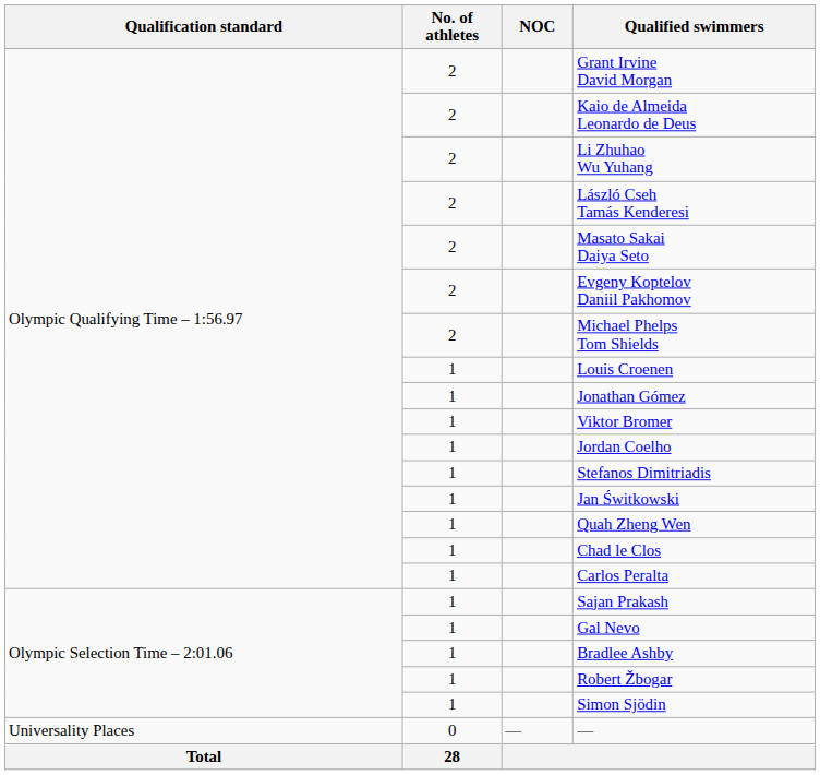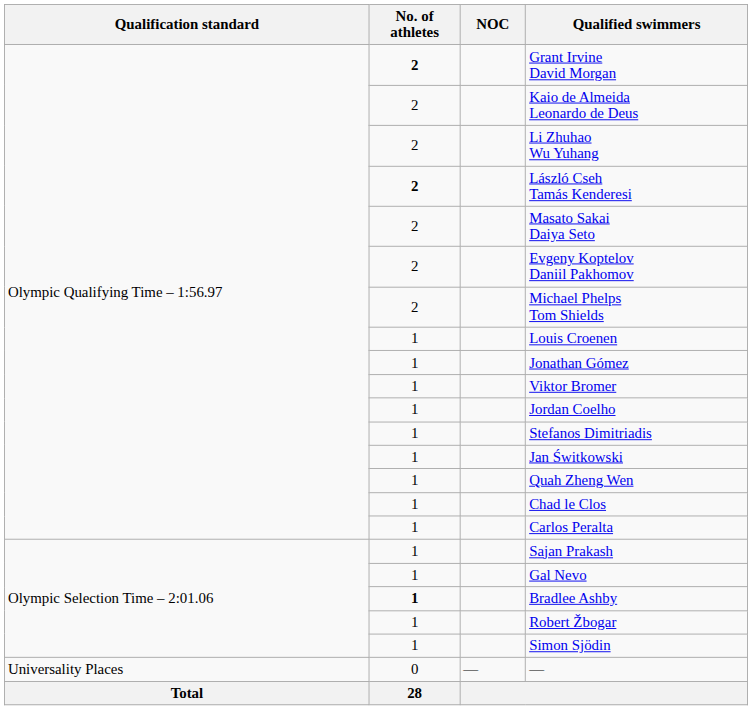 <table class=wikitable style="text-align:left" width=800>
 <tr>
 <th>Qualification standard</th>
 <th width=90>No. of athletes</th>
 <th>NOC</th>
 <th>Qualified swimmers</th>
 </tr>
 <tr>
 <td rowspan=16>Olympic Qualifying Time – 1:56.97</td>
-<td align=center>2</td>
+<td align=center><strong>2</strong></td>
 <td></td>
 <td><a href='#'>Grant Irvine</a><br><a href='#'>David Morgan</a></td>
 </tr>
 <tr>
 <td align=center>2</td>
 <td></td>
 <td><a href='#'>Kaio de Almeida</a><br><a href='#'>Leonardo de Deus</a></td>
 </tr>
 <tr>
 <td align=center>2</td>
 <td></td>
 <td><a href='#'>Li Zhuhao</a><br><a href='#'>Wu Yuhang</a></td>
 </tr>
 <tr>
-<td align=center>2</td>
+<td align=center><strong>2</strong></td>
 <td></td>
 <td><a href='#'>László Cseh</a><br><a href='#'>Tamás Kenderesi</a></td>
 </tr>
 <tr>
 <td align=center>2</td>
 <td></td>
 <td><a href='#'>Masato Sakai</a><br><a href='#'>Daiya Seto</a></td>
 </tr>
 <tr>
 <td align=center>2</td>
 <td></td>
 <td><a href='#'>Evgeny Koptelov</a><br><a href='#'>Daniil Pakhomov</a></td>
 </tr>
 <tr>
 <td align=center>2</td>
 <td></td>
 <td><a href='#'>Michael Phelps</a><br><a href='#'>Tom Shields</a></td>
 </tr>
 <tr>
 <td align=center>1</td>
 <td></td>
 <td><a href='#'>Louis Croenen</a></td>
 </tr>
 <tr>
 <td align=center>1</td>
 <td></td>
 <td><a href='#'>Jonathan Gómez</a></td>
 </tr>
 <tr>
 <td align=center>1</td>
 <td></td>
 <td><a href='#'>Viktor Bromer</a></td>
 </tr>
 <tr>
 <td align=center>1</td>
 <td></td>
 <td><a href='#'>Jordan Coelho</a></td>
 </tr>
 <tr>
 <td align=center>1</td>
 <td></td>
 <td><a href='#'>Stefanos Dimitriadis</a></td>
 </tr>
 <tr>
 <td align=center>1</td>
 <td></td>
 <td><a href='#'>Jan Świtkowski</a></td>
 </tr>
 <tr>
 <td align="center">1</td>
 <td></td>
 <td><a href='#'>Quah Zheng Wen</a><br></td>
 </tr>
 <tr>
 <td align=center>1</td>
 <td></td>
 <td><a href='#'>Chad le Clos</a></td>
 </tr>
 <tr>
 <td align=center>1</td>
 <td></td>
 <td><a href='#'>Carlos Peralta</a></td>
 </tr>
 <tr>
 <td rowspan=5>Olympic Selection Time – 2:01.06</td>
 <td align=center>1</td>
 <td></td>
 <td><a href='#'>Sajan Prakash</a></td>
 </tr>
 <tr>
 <td align=center>1</td>
 <td></td>
 <td><a href='#'>Gal Nevo</a></td>
 </tr>
 <tr>
-<td align=center>1</td>
+<td align=center><strong>1</strong></td>
 <td></td>
 <td><a href='#'>Bradlee Ashby</a></td>
 </tr>
 <tr>
 <td align=center>1</td>
 <td></td>
 <td><a href='#'>Robert Žbogar</a></td>
 </tr>
 <tr>
 <td align=center>1</td>
 <td></td>
 <td><a href='#'>Simon Sjödin</a></td>
 </tr>
 <tr>
 <td>Universality Places</td>
 <td align=center>0</td>
 <td>—</td>
 <td>—</td>
 </tr>
 <tr>
 <th><strong>Total</strong></th>
 <th>28</th>
 <th colspan=2></th>
 </tr>
 </table>
